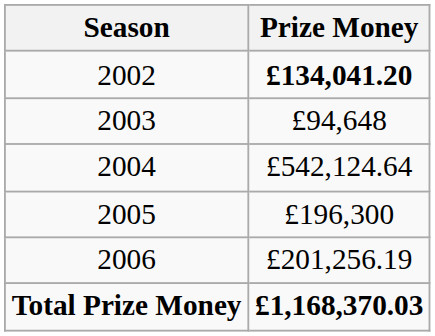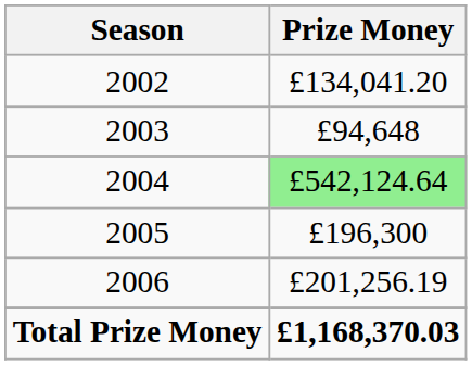 <table class="wikitable" style="text-align:center">
 <tr>
 <th>Season</th>
 <th>Prize Money</th>
 </tr>
 <tr>
 <td>2002</td>
-<td><strong>£134,041.20</strong></td>
+<td>£134,041.20</td>
 </tr>
 <tr>
 <td>2003</td>
 <td>£94,648</td>
 </tr>
 <tr>
 <td>2004</td>
-<td>£542,124.64</td>
+<td style="background: lightgreen;">£542,124.64</td>
 </tr>
 <tr>
 <td>2005</td>
 <td>£196,300</td>
 </tr>
 <tr>
 <td>2006</td>
 <td>£201,256.19</td>
 </tr>
 <tr>
 <td><strong>Total Prize Money</strong></td>
 <td><strong>£1,168,370.03</strong></td>
 </tr>
 </table>
